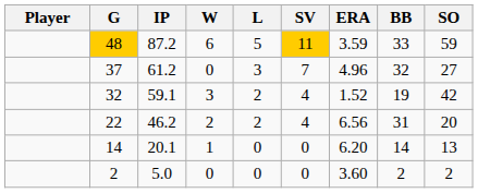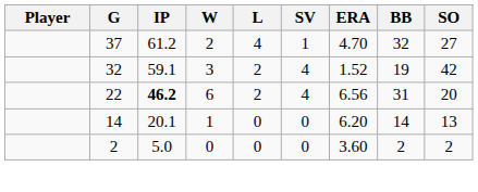 <table class="wikitable sortable">
 <tr>
 <th bgcolor="#DDDDFF" width="16%">Player</th>
 <th bgcolor="#DDDDFF" width="9%">G</th>
 <th bgcolor="#DDDDFF" width="9%">IP</th>
 <th bgcolor="#DDDDFF" width="9%">W</th>
 <th bgcolor="#DDDDFF" width="9%">L</th>
 <th bgcolor="#DDDDFF" width="9%">SV</th>
 <th bgcolor="#DDDDFF" width="9%">ERA</th>
 <th bgcolor="#DDDDFF" width="9%">BB</th>
 <th bgcolor="#DDDDFF" width="9%">SO</th>
 </tr>
 <tr align="center">
 <td></td>
-<td style="background:#fc0;">48</td>
-<td>87.2</td>
-<td>6</td>
-<td>5</td>
-<td style="background:#fc0;">11</td>
-<td>3.59</td>
-<td>33</td>
-<td>59</td>
-</tr>
-<tr align="center">
-<td></td>
 <td>37</td>
 <td>61.2</td>
-<td>0</td>
-<td>3</td>
-<td>7</td>
-<td>4.96</td>
+<td>2</td>
+<td>4</td>
+<td>1</td>
+<td>4.70</td>
 <td>32</td>
 <td>27</td>
 </tr>
 <tr align="center">
 <td></td>
 <td>32</td>
 <td>59.1</td>
 <td>3</td>
 <td>2</td>
 <td>4</td>
 <td>1.52</td>
 <td>19</td>
 <td>42</td>
 </tr>
 <tr align="center">
 <td></td>
 <td>22</td>
-<td>46.2</td>
-<td>2</td>
+<td><strong>46.2</strong></td>
+<td>6</td>
 <td>2</td>
 <td>4</td>
 <td>6.56</td>
 <td>31</td>
 <td>20</td>
 </tr>
 <tr align="center">
 <td></td>
 <td>14</td>
 <td>20.1</td>
 <td>1</td>
 <td>0</td>
 <td>0</td>
 <td>6.20</td>
 <td>14</td>
 <td>13</td>
 </tr>
 <tr align="center">
 <td></td>
 <td>2</td>
 <td>5.0</td>
 <td>0</td>
 <td>0</td>
 <td>0</td>
 <td>3.60</td>
 <td>2</td>
 <td>2</td>
 </tr>
 </table>
